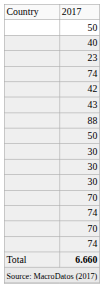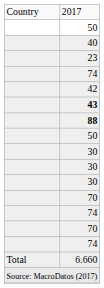 <table class="wikitable">
 <tr>
 <td>Country</td>
 <td>2017</td>
 </tr>
 <tr bgcolor="ffffff">
 <td></td>
 <td align=right>50</td>
 </tr>
 <tr bgcolor="efefef">
 <td></td>
 <td align=right>40</td>
 </tr>
 <tr bgcolor="efefef">
 <td></td>
 <td align=right>23</td>
 </tr>
 <tr bgcolor="efefef">
 <td></td>
 <td align=right>74</td>
 </tr>
 <tr bgcolor="efefef">
 <td></td>
 <td align=right>42</td>
 </tr>
 <tr bgcolor="efefef">
 <td></td>
-<td align=right>43</td>
+<td align=right><strong>43</strong></td>
 </tr>
 <tr bgcolor="efefef">
 <td></td>
-<td align=right>88</td>
+<td align=right><strong>88</strong></td>
 </tr>
 <tr bgcolor="efefef">
 <td></td>
 <td align=right>50</td>
 </tr>
 <tr bgcolor="efefef">
 <td></td>
 <td align=right>30</td>
 </tr>
 <tr bgcolor="efefef">
 <td></td>
 <td align=right>30</td>
 </tr>
 <tr bgcolor="efefef">
 <td></td>
 <td align=right>30</td>
 </tr>
 <tr bgcolor="efefef">
 <td></td>
 <td align=right>70</td>
 </tr>
 <tr bgcolor="efefef">
 <td></td>
 <td align=right>74</td>
 </tr>
 <tr bgcolor="efefef">
 <td></td>
 <td align=right>70</td>
 </tr>
 <tr bgcolor="efefef">
 <td></td>
 <td align=right>74</td>
 </tr>
 <tr bgcolor="efefef">
 <td>Total</td>
-<td align=right><strong>6.660</strong></td>
+<td align=right>6.660</td>
 </tr>
 <tr bgcolor="efefef">
 <td colspan=3 style="background:#e9e9e9;" align=center><small>Source: MacroDatos (2017)</small></td>
 </tr>
 <tr>
 </tr>
 </table>
